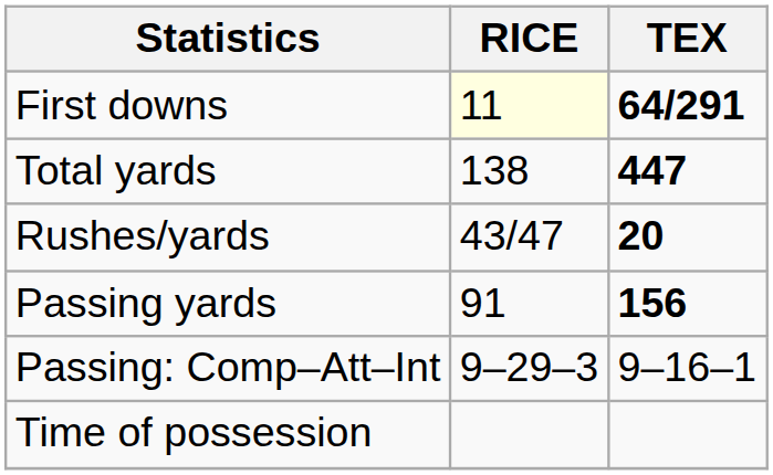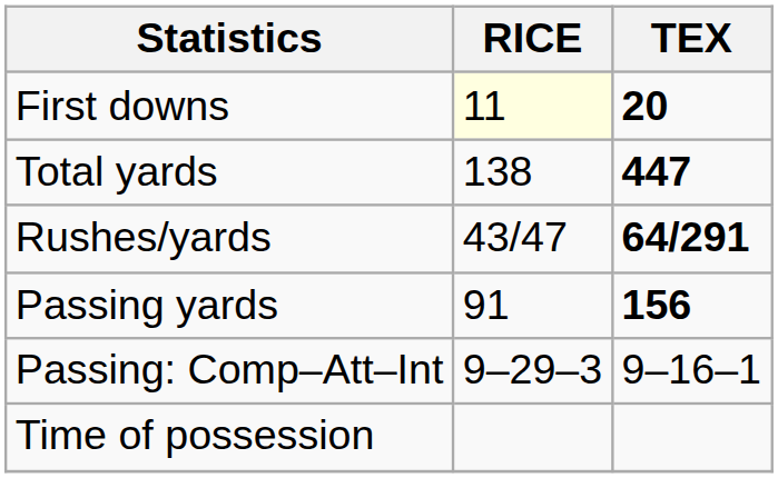 <table class="wikitable" style="float: left;">
 <tr>
 <th>Statistics</th>
 <th>RICE</th>
 <th>TEX</th>
 </tr>
 <tr>
 <td>First downs</td>
 <td style="background: lightyellow;">11</td>
-<td><strong>64/291</strong></td>
+<td><strong>20</strong></td>
 </tr>
 <tr>
 <td>Total yards</td>
 <td>138</td>
 <td><strong>447</strong></td>
 </tr>
 <tr>
 <td>Rushes/yards</td>
 <td>43/47</td>
-<td><strong>20</strong></td>
+<td><strong>64/291</strong></td>
 </tr>
 <tr>
 <td>Passing yards</td>
 <td>91</td>
 <td><strong>156</strong></td>
 </tr>
 <tr>
 <td>Passing: Comp–Att–Int</td>
 <td>9–29–3</td>
 <td>9–16–1</td>
 </tr>
 <tr>
 <td>Time of possession</td>
 <td></td>
 <td></td>
 </tr>
 <tr>
 </tr>
 </table>
